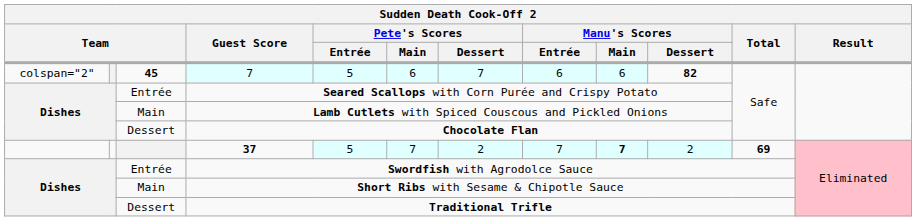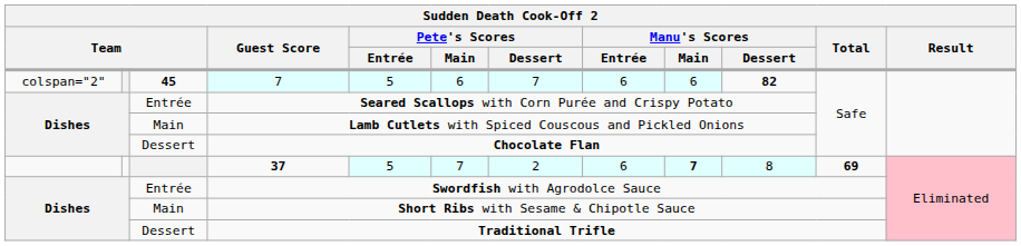 <table class="wikitable plainrowheaders" style="margin:1em auto; text-align:center; font-size:90%; width:80em;">
 <tr>
 <th colspan="18" >Sudden Death Cook-Off 2</th>
 </tr>
 <tr>
 <th rowspan="2" colspan="3" style="width:20%">Team</th>
 <th scope="col" rowspan="2">Guest Score<br><small></small></th>
 <th scope="col" colspan="3"><a href='#'>Pete</a>'s Scores</th>
 <th scope="col" colspan="3"><a href='#'>Manu</a>'s Scores</th>
 <th scope="col" rowspan="2">Total<br><small></small></th>
 <th scope="col" rowspan="2">Result</th>
 </tr>
 <tr>
 <th scope="col">Entrée</th>
 <th scope="col">Main</th>
 <th scope="col">Dessert</th>
 <th scope="col">Entrée</th>
 <th scope="col">Main</th>
 <th scope="col">Dessert</th>
 </tr>
 <tr style="border-top:3px solid #aaa;">
 <td>colspan="2" </td>
 <th style="text-align:centre" style="width:12%"></th>
 <td><strong>45</strong></td>
 <td bgcolor="#e0ffff">7</td>
 <td bgcolor="#e0ffff">5</td>
 <td bgcolor="#e0ffff">6</td>
 <td bgcolor="#e0ffff">7</td>
 <td bgcolor="#e0ffff">6</td>
 <td bgcolor="#e0ffff">6</td>
 <td><strong>82</strong></td>
 <td rowspan="4">Safe</td>
 </tr>
 <tr>
 <th colspan=2 rowspan="3">Dishes</th>
 <td>Entrée</td>
 <td colspan="8"><strong>Seared Scallops</strong> with Corn Purée and Crispy Potato</td>
 </tr>
 <tr>
 <td>Main</td>
 <td colspan="8"><strong>Lamb Cutlets</strong> with Spiced Couscous and Pickled Onions</td>
 </tr>
 <tr>
 <td>Dessert</td>
 <td colspan="8"><strong>Chocolate Flan</strong></td>
 </tr>
 <tr>
 <td></td>
 <td></td>
 <th style="text-align:centre"></th>
 <td><strong>37</strong></td>
 <td bgcolor="#e0ffff">5</td>
 <td bgcolor="#e0ffff">7</td>
 <td bgcolor="#e0ffff">2</td>
-<td bgcolor="#e0ffff">7</td>
+<td bgcolor="#e0ffff">6</td>
 <td bgcolor="#e0ffff"><strong>7</strong></td>
-<td bgcolor="#e0ffff">2</td>
+<td bgcolor="#e0ffff">8</td>
 <td><strong>69</strong></td>
 <td style="background:pink" rowspan="4">Eliminated</td>
 </tr>
 <tr>
 <th colspan=2 rowspan="3">Dishes</th>
 <td>Entrée</td>
 <td colspan="8"><strong>Swordfish</strong> with Agrodolce Sauce</td>
 </tr>
 <tr>
 <td>Main</td>
 <td colspan="8"><strong>Short Ribs</strong> with Sesame & Chipotle Sauce</td>
 </tr>
 <tr>
 <td>Dessert</td>
 <td colspan="8"><strong>Traditional Trifle</strong></td>
 </tr>
 </table>
